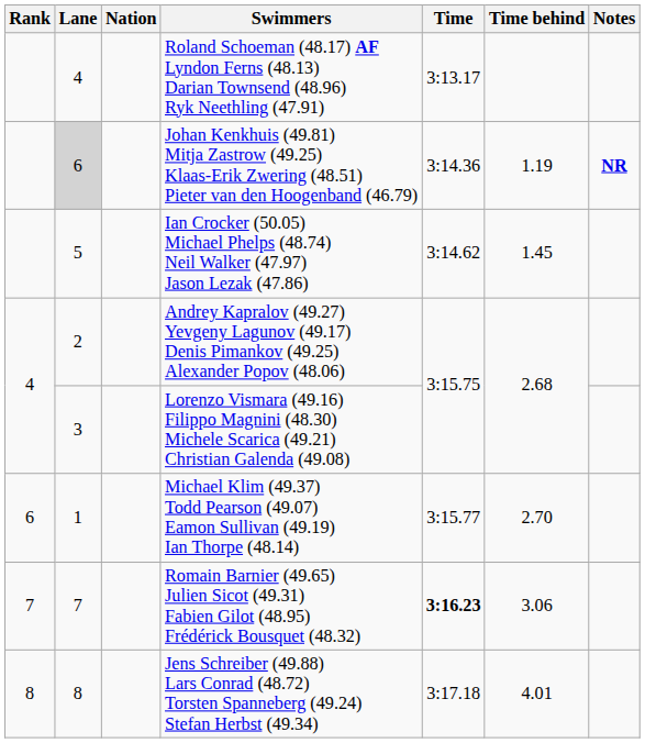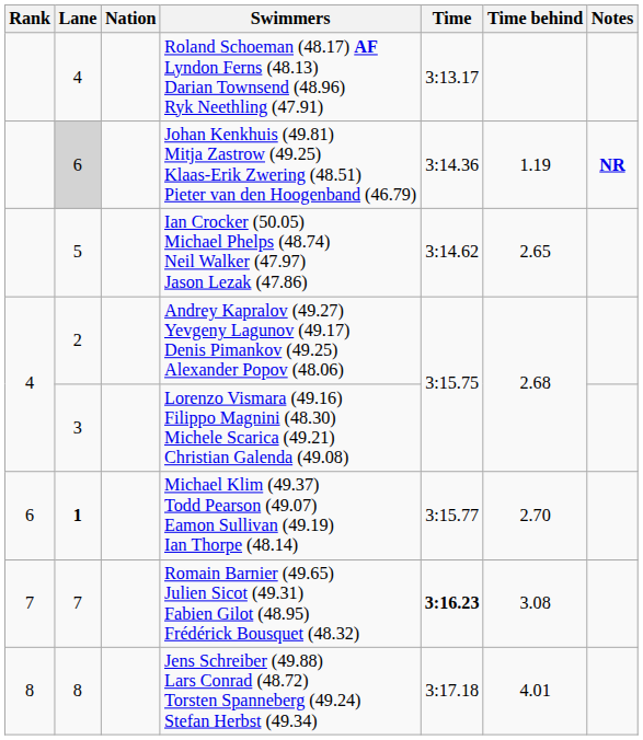 <table class="wikitable sortable" style="text-align:center">
 <tr>
 <th>Rank</th>
 <th>Lane</th>
 <th>Nation</th>
 <th>Swimmers</th>
 <th>Time</th>
 <th>Time behind</th>
 <th>Notes</th>
 </tr>
 <tr>
 <td></td>
 <td>4</td>
 <td align=left></td>
 <td align=left><a href='#'>Roland Schoeman</a> (48.17) <strong><a href='#'>AF</a></strong><br><a href='#'>Lyndon Ferns</a> (48.13)<br><a href='#'>Darian Townsend</a> (48.96)<br><a href='#'>Ryk Neethling</a> (47.91)</td>
 <td>3:13.17</td>
 <td></td>
 <td></td>
 </tr>
 <tr>
 <td></td>
 <td style="background: lightgrey;">6</td>
 <td align=left></td>
 <td align=left><a href='#'>Johan Kenkhuis</a> (49.81)<br><a href='#'>Mitja Zastrow</a> (49.25)<br><a href='#'>Klaas-Erik Zwering</a> (48.51)<br><a href='#'>Pieter van den Hoogenband</a> (46.79)</td>
 <td>3:14.36</td>
 <td>1.19</td>
 <td><strong><a href='#'>NR</a></strong></td>
 </tr>
 <tr>
 <td></td>
 <td>5</td>
 <td align=left></td>
 <td align=left><a href='#'>Ian Crocker</a> (50.05)<br><a href='#'>Michael Phelps</a> (48.74)<br><a href='#'>Neil Walker</a> (47.97)<br><a href='#'>Jason Lezak</a> (47.86)</td>
 <td>3:14.62</td>
-<td>1.45</td>
+<td>2.65</td>
 <td></td>
 </tr>
 <tr>
 <td rowspan=2>4</td>
 <td>2</td>
 <td align=left></td>
 <td align=left><a href='#'>Andrey Kapralov</a> (49.27)<br><a href='#'>Yevgeny Lagunov</a> (49.17)<br><a href='#'>Denis Pimankov</a> (49.25)<br><a href='#'>Alexander Popov</a> (48.06)</td>
 <td rowspan=2>3:15.75</td>
 <td rowspan=2>2.68</td>
 <td></td>
 </tr>
 <tr>
 <td>3</td>
 <td align=left></td>
 <td align=left><a href='#'>Lorenzo Vismara</a> (49.16)<br><a href='#'>Filippo Magnini</a> (48.30)<br><a href='#'>Michele Scarica</a> (49.21)<br><a href='#'>Christian Galenda</a> (49.08)</td>
 <td></td>
 </tr>
 <tr>
 <td>6</td>
-<td>1</td>
+<td><strong>1</strong></td>
 <td align=left></td>
 <td align=left><a href='#'>Michael Klim</a> (49.37)<br><a href='#'>Todd Pearson</a> (49.07)<br><a href='#'>Eamon Sullivan</a> (49.19)<br><a href='#'>Ian Thorpe</a> (48.14)</td>
 <td>3:15.77</td>
 <td>2.70</td>
 <td></td>
 </tr>
 <tr>
 <td>7</td>
 <td>7</td>
 <td align=left></td>
 <td align=left><a href='#'>Romain Barnier</a> (49.65)<br><a href='#'>Julien Sicot</a> (49.31)<br><a href='#'>Fabien Gilot</a> (48.95)<br><a href='#'>Frédérick Bousquet</a> (48.32)</td>
 <td><strong>3:16.23</strong></td>
-<td>3.06</td>
+<td>3.08</td>
 <td></td>
 </tr>
 <tr>
 <td>8</td>
 <td>8</td>
 <td align=left></td>
 <td align=left><a href='#'>Jens Schreiber</a> (49.88)<br><a href='#'>Lars Conrad</a> (48.72)<br><a href='#'>Torsten Spanneberg</a> (49.24)<br><a href='#'>Stefan Herbst</a> (49.34)</td>
 <td>3:17.18</td>
 <td>4.01</td>
 <td></td>
 </tr>
 </table>
